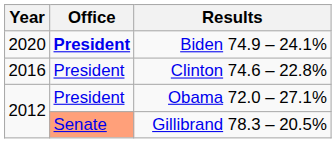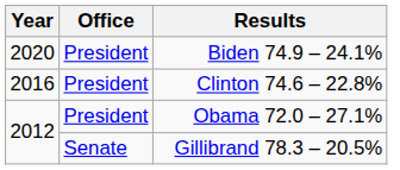 <table class=wikitable>
 <tr>
 <th width="30">Year</th>
 <th width="60">Office</th>
 <th width="180">Results</th>
 </tr>
 <tr>
 <td>2020</td>
-<td><strong><a href='#'>President</a></strong></td>
+<td><a href='#'>President</a></td>
 <td align="right" ><a href='#'>Biden</a> 74.9 – 24.1%</td>
 </tr>
 <tr>
 <td>2016</td>
 <td><a href='#'>President</a></td>
 <td align="right" ><a href='#'>Clinton</a> 74.6 – 22.8%</td>
 </tr>
 <tr>
 <td rowspan="2">2012</td>
 <td><a href='#'>President</a></td>
 <td align="right" ><a href='#'>Obama</a> 72.0 – 27.1%</td>
 </tr>
 <tr>
-<td style="background: lightsalmon;"><a href='#'>Senate</a></td>
+<td><a href='#'>Senate</a></td>
 <td align="right" ><a href='#'>Gillibrand</a> 78.3 – 20.5%</td>
 </tr>
 </table>
